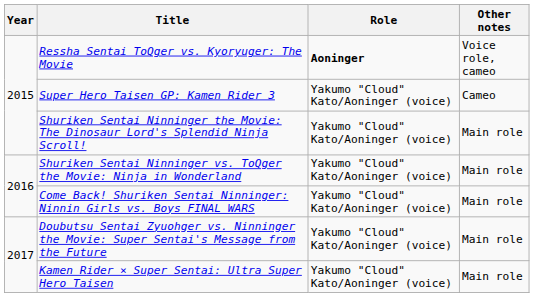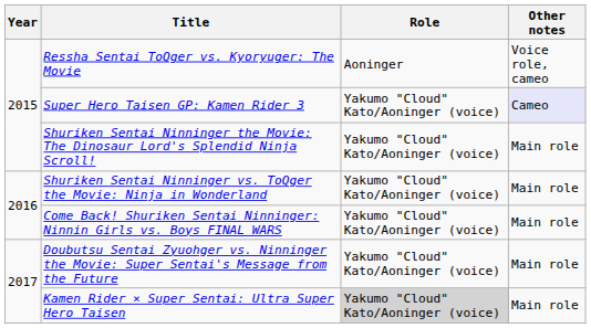 <table class="wikitable">
 <tr>
 <th>Year</th>
 <th>Title</th>
 <th>Role</th>
 <th>Other notes</th>
 </tr>
 <tr>
 <td rowspan="3">2015</td>
 <td><em><a href='#'>Ressha Sentai ToQger vs. Kyoryuger: The Movie</a></em></td>
-<td><strong>Aoninger</strong></td>
+<td>Aoninger</td>
 <td>Voice role, cameo</td>
 </tr>
 <tr>
 <td><em><a href='#'>Super Hero Taisen GP: Kamen Rider 3</a></em></td>
 <td>Yakumo "Cloud" Kato/Aoninger (voice)</td>
-<td>Cameo</td>
+<td style="background: lavender;">Cameo</td>
 </tr>
 <tr>
 <td><em><a href='#'>Shuriken Sentai Ninninger the Movie: The Dinosaur Lord's Splendid Ninja Scroll!</a></em></td>
 <td>Yakumo "Cloud" Kato/Aoninger (voice)</td>
 <td>Main role</td>
 </tr>
 <tr>
 <td rowspan="2">2016</td>
 <td><em><a href='#'>Shuriken Sentai Ninninger vs. ToQger the Movie: Ninja in Wonderland</a></em></td>
 <td>Yakumo "Cloud" Kato/Aoninger (voice)</td>
 <td>Main role</td>
 </tr>
 <tr>
 <td><em><a href='#'>Come Back! Shuriken Sentai Ninninger: Ninnin Girls vs. Boys FINAL WARS</a></em></td>
 <td>Yakumo "Cloud" Kato/Aoninger (voice)</td>
 <td>Main role</td>
 </tr>
 <tr>
 <td rowspan="2">2017</td>
 <td><em><a href='#'>Doubutsu Sentai Zyuohger vs. Ninninger the Movie: Super Sentai's Message from the Future</a></em></td>
 <td>Yakumo "Cloud" Kato/Aoninger (voice)</td>
 <td>Main role</td>
 </tr>
 <tr>
 <td><em><a href='#'>Kamen Rider × Super Sentai: Ultra Super Hero Taisen</a></em></td>
-<td>Yakumo "Cloud" Kato/Aoninger (voice)</td>
+<td style="background: lightgrey;">Yakumo "Cloud" Kato/Aoninger (voice)</td>
 <td>Main role</td>
 </tr>
 </table>
